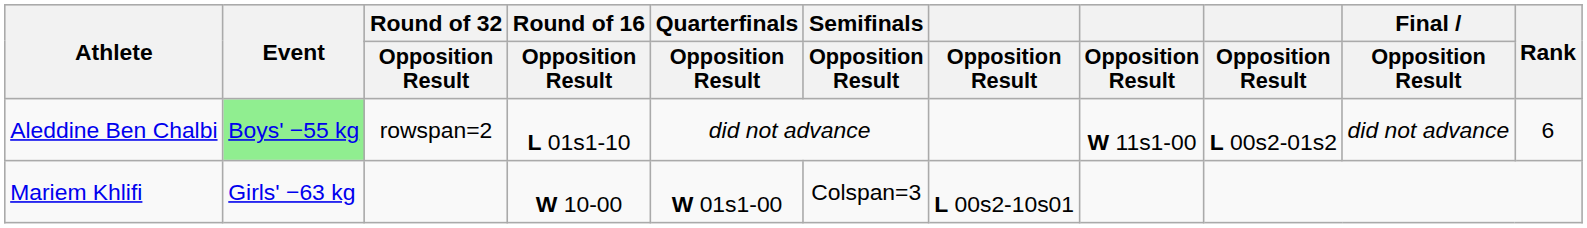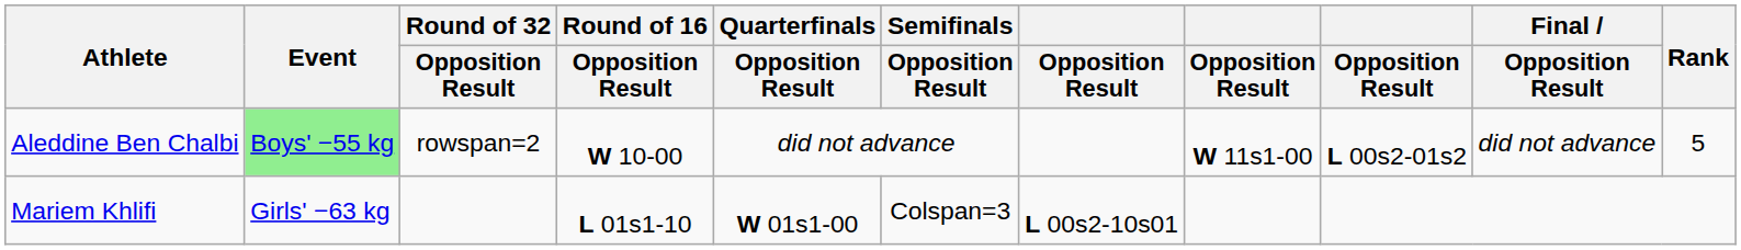 <table class="wikitable" style="font-size:90%">
 <tr>
 <th rowspan="2">Athlete</th>
 <th rowspan="2">Event</th>
 <th>Round of 32</th>
 <th>Round of 16</th>
 <th>Quarterfinals</th>
 <th>Semifinals</th>
 <th></th>
 <th></th>
 <th></th>
 <th>Final / </th>
 <th rowspan=2>Rank</th>
 </tr>
 <tr style="font-size:95%">
 <th>Opposition<br>Result</th>
 <th>Opposition<br>Result</th>
 <th>Opposition<br>Result</th>
 <th>Opposition<br>Result</th>
 <th>Opposition<br>Result</th>
 <th>Opposition<br>Result</th>
 <th>Opposition<br>Result</th>
 <th>Opposition<br>Result</th>
 </tr>
 <tr align=center>
 <td align=left><a href='#'>Aleddine Ben Chalbi</a></td>
 <td align=left style="background: lightgreen;"><a href='#'>Boys' −55 kg</a></td>
 <td>rowspan=2 </td>
-<td><br> <strong>L</strong> 01s1-10</td>
+<td><br> <strong>W</strong> 10-00</td>
 <td Colspan=2><em>did not advance</em></td>
 <td></td>
 <td><br> <strong>W</strong> 11s1-00</td>
 <td><br> <strong>L</strong> 00s2-01s2</td>
 <td><em>did not advance</em></td>
-<td>6</td>
+<td>5</td>
 </tr>
 <tr align=center>
 <td align=left><a href='#'>Mariem Khlifi</a></td>
 <td align=left><a href='#'>Girls' −63 kg</a></td>
 <td></td>
-<td><br> <strong>W</strong> 10-00</td>
+<td><br> <strong>L</strong> 01s1-10</td>
 <td><br> <strong>W</strong> 01s1-00</td>
 <td>Colspan=3 </td>
 <td><br> <strong>L</strong> 00s2-10s01</td>
 <td></td>
 </tr>
 </table>
